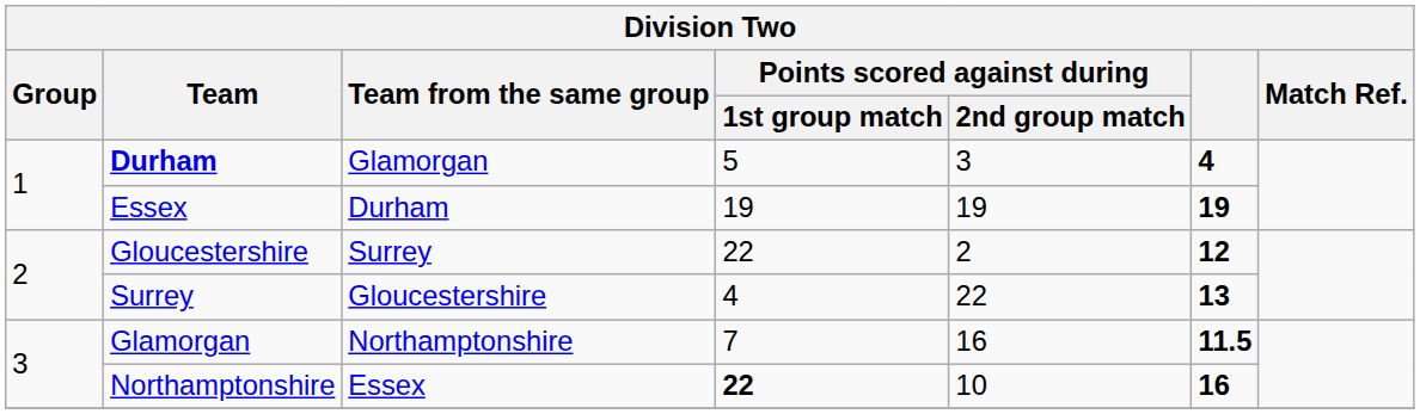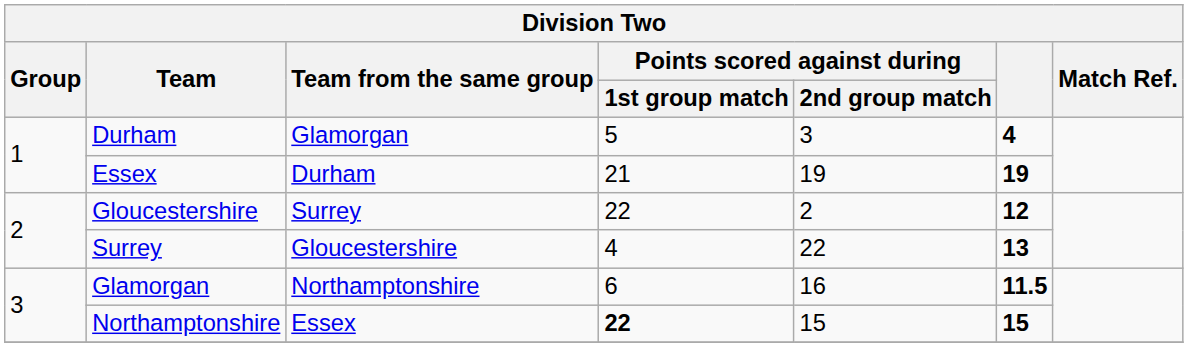 <table class="wikitable">
 <tr>
 <th colspan="7">Division Two</th>
 </tr>
 <tr>
 <th rowspan="2">Group</th>
 <th rowspan="2">Team</th>
 <th rowspan="2">Team from the same group</th>
 <th colspan="2">Points scored against during</th>
 <th rowspan="2"></th>
 <th rowspan="2">Match Ref.</th>
 </tr>
 <tr>
 <th>1st group match</th>
 <th>2nd group match</th>
 </tr>
 <tr>
 <td rowspan="2">1</td>
-<td><strong><a href='#'>Durham</a></strong></td>
+<td><a href='#'>Durham</a></td>
 <td><a href='#'>Glamorgan</a></td>
 <td>5</td>
 <td>3</td>
 <td><strong>4</strong></td>
 <td rowspan="2"><br></td>
 </tr>
 <tr>
 <td><a href='#'>Essex</a></td>
 <td><a href='#'>Durham</a></td>
-<td>19</td>
+<td>21</td>
 <td>19</td>
 <td><strong>19</strong></td>
 </tr>
 <tr>
 <td rowspan="2">2</td>
 <td><a href='#'>Gloucestershire</a></td>
 <td><a href='#'>Surrey</a></td>
 <td>22</td>
 <td>2</td>
 <td><strong>12</strong></td>
 <td rowspan="2"><br></td>
 </tr>
 <tr>
 <td><a href='#'>Surrey</a></td>
 <td><a href='#'>Gloucestershire</a></td>
 <td>4</td>
 <td>22</td>
 <td><strong>13</strong></td>
 </tr>
 <tr>
 <td rowspan="2">3</td>
 <td><a href='#'>Glamorgan</a></td>
 <td><a href='#'>Northamptonshire</a></td>
-<td>7</td>
+<td>6</td>
 <td>16</td>
 <td><strong>11.5</strong></td>
 <td rowspan="2"><br></td>
 </tr>
 <tr>
 <td><a href='#'>Northamptonshire</a></td>
 <td><a href='#'>Essex</a></td>
 <td><strong>22</strong></td>
-<td>10</td>
-<td><strong>16</strong></td>
+<td>15</td>
+<td><strong>15</strong></td>
 </tr>
 <tr>
 </tr>
 </table>
